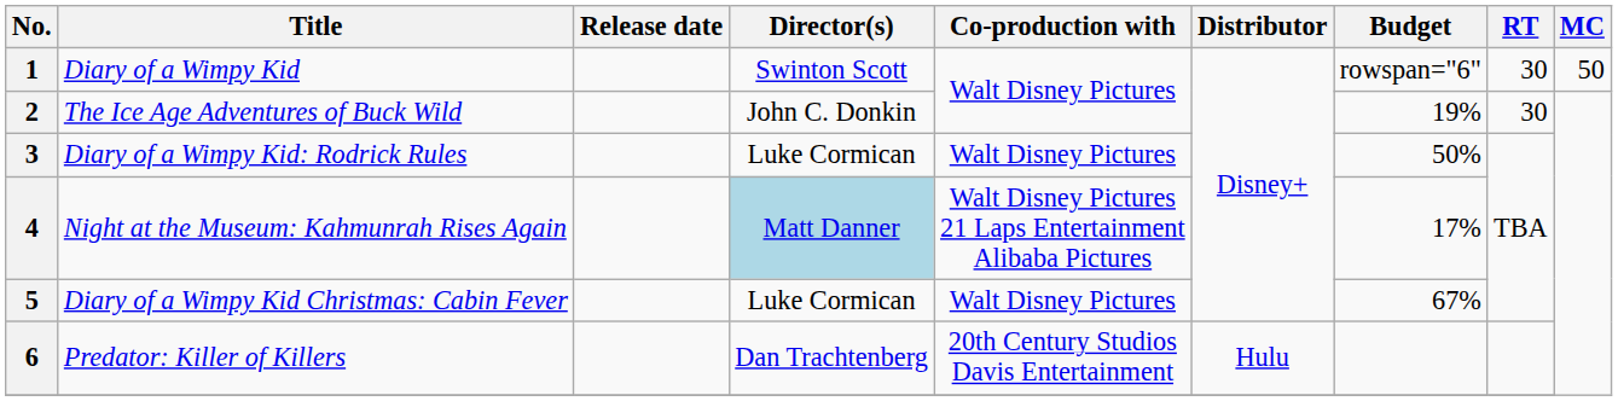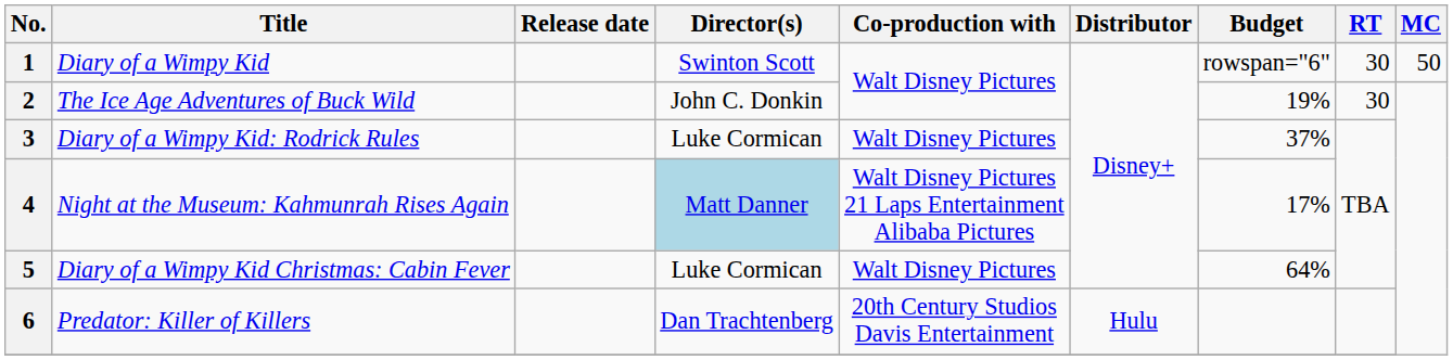 <table class="wikitable sortable plainrowheaders" style="text-align: right;">
 <tr>
 <th scope="col">No.</th>
 <th scope="col">Title</th>
 <th scope="col">Release date</th>
 <th scope="col">Director(s)</th>
 <th scope="col">Co-production with</th>
 <th scope="col">Distributor</th>
 <th scope="col">Budget</th>
 <th scope="col"><a href='#'>RT</a></th>
 <th scope="col"><a href='#'>MC</a></th>
 </tr>
 <tr>
 <th>1</th>
 <td align="left"><em><a href='#'>Diary of a Wimpy Kid</a></em></td>
 <td style="text-align:center;"></td>
 <td style="text-align:center "><a href='#'>Swinton Scott</a></td>
 <td rowspan="2" style="text-align:center;"><a href='#'>Walt Disney Pictures</a></td>
 <td rowspan="5" style="text-align:center" ;><a href='#'>Disney+</a></td>
 <td>rowspan="6" </td>
 <td>30</td>
 <td>50</td>
 </tr>
 <tr>
 <th>2</th>
 <td align="left"><em><a href='#'>The Ice Age Adventures of Buck Wild</a></em></td>
 <td style="text-align:center;"></td>
 <td style="text-align:center">John C. Donkin</td>
 <td>19%</td>
 <td>30</td>
 </tr>
 <tr>
 <th>3</th>
 <td align="left"><em><a href='#'>Diary of a Wimpy Kid: Rodrick Rules</a></em></td>
 <td style="text-align:center;"></td>
 <td style="text-align:center ">Luke Cormican</td>
 <td style="text-align:center;"><a href='#'>Walt Disney Pictures</a></td>
-<td>50%</td>
+<td>37%</td>
 <td rowspan="3"  style="text-align:center;">TBA</td>
 </tr>
 <tr>
 <th>4</th>
 <td align="left"><em><a href='#'>Night at the Museum: Kahmunrah Rises Again</a></em></td>
 <td style="text-align:center;"></td>
 <td style="background: lightblue; text-align:center "><a href='#'>Matt Danner</a></td>
 <td style="text-align:center;"><a href='#'>Walt Disney Pictures</a><br><a href='#'>21 Laps Entertainment</a><br><a href='#'>Alibaba Pictures</a></td>
 <td>17%</td>
 </tr>
 <tr>
 <th>5</th>
 <td align="left"><em><a href='#'>Diary of a Wimpy Kid Christmas: Cabin Fever</a></em></td>
 <td style="text-align:center;"></td>
 <td style="text-align:center ">Luke Cormican</td>
 <td style="text-align:center;"><a href='#'>Walt Disney Pictures</a></td>
-<td>67%</td>
+<td>64%</td>
 </tr>
 <tr>
 <th>6</th>
 <td align="left"><em><a href='#'>Predator: Killer of Killers</a></em></td>
 <td style="text-align:center;"></td>
 <td style="text-align:center "><a href='#'>Dan Trachtenberg</a></td>
 <td style="text-align:center;"><a href='#'>20th Century Studios</a><br><a href='#'>Davis Entertainment</a></td>
 <td align="center"><a href='#'>Hulu</a></td>
 <td></td>
 <td></td>
 </tr>
 <tr>
 </tr>
 </table>
